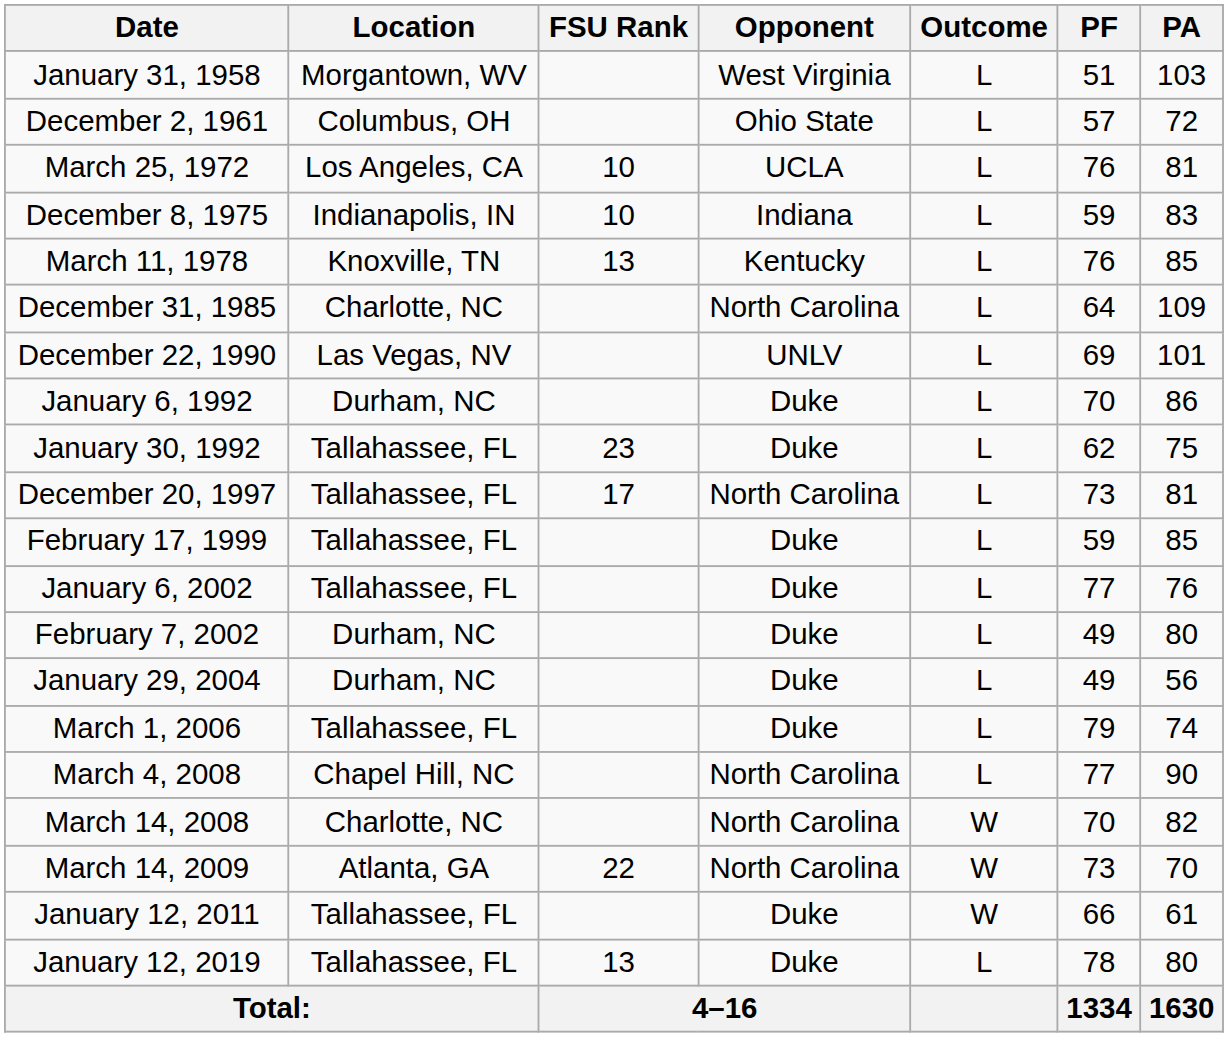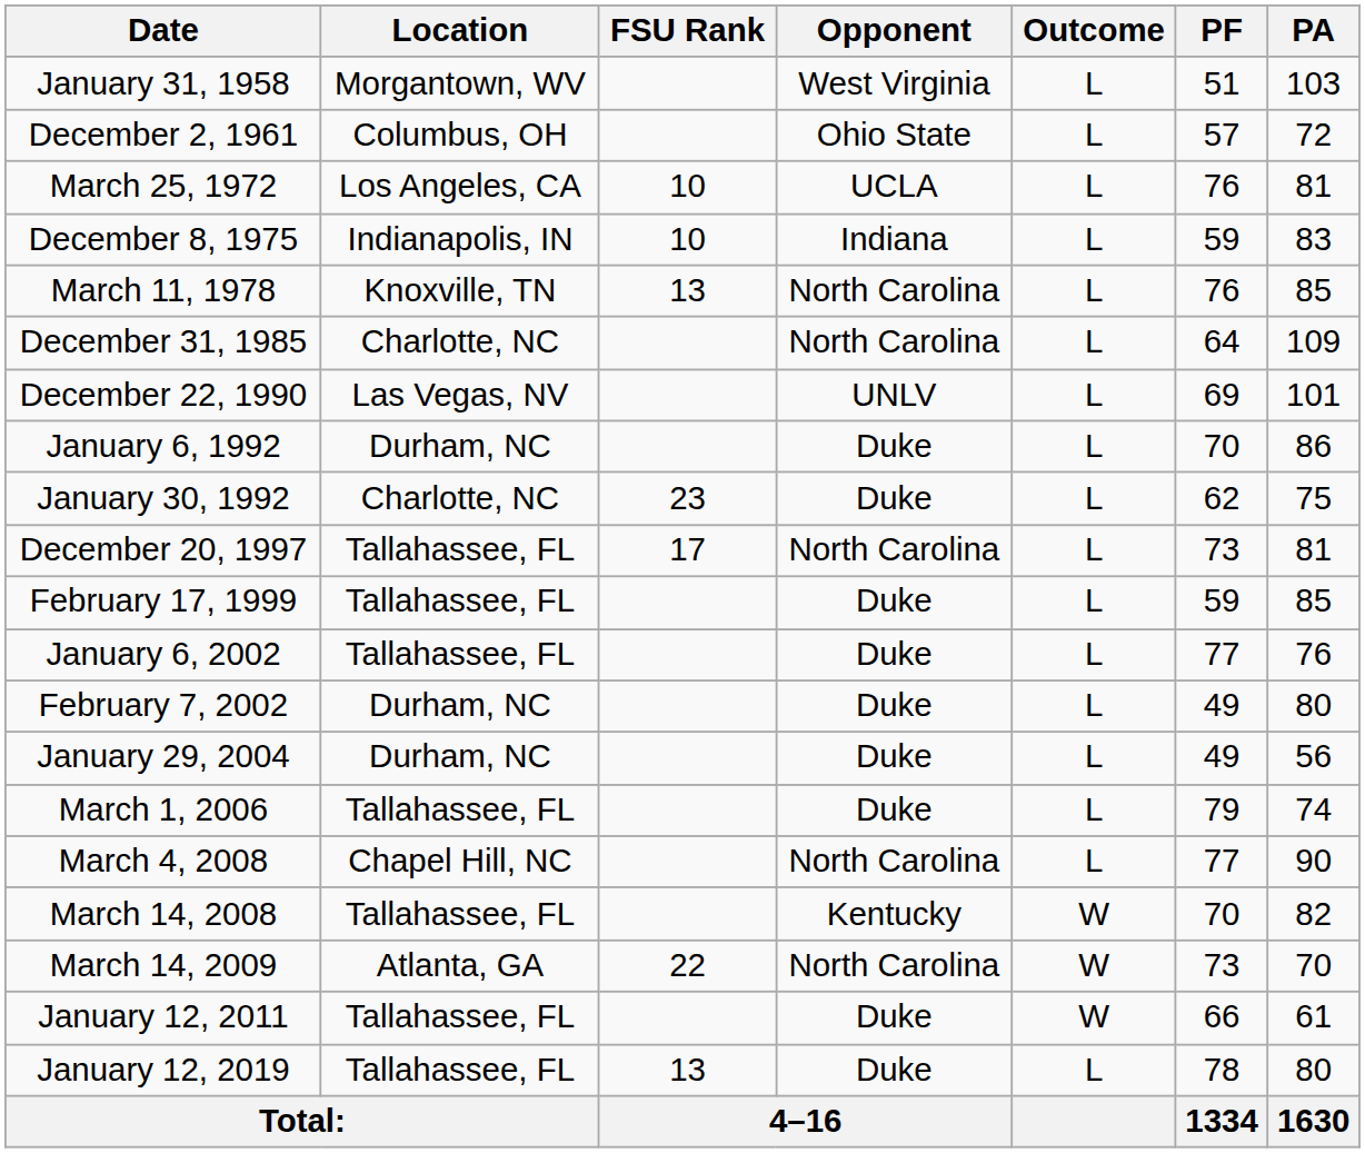 <table cellpadding="1" style="width:75%;" class="wikitable collapsible collapsed" style="text-align:center">
 <tr>
 <th>Date</th>
 <th>Location</th>
 <th>FSU Rank</th>
 <th>Opponent</th>
 <th>Outcome</th>
 <th>PF</th>
 <th>PA</th>
 </tr>
 <tr style="text-align:center;">
 <td>January 31, 1958</td>
 <td>Morgantown, WV</td>
 <td></td>
 <td>West Virginia</td>
 <td>L</td>
 <td>51</td>
 <td>103</td>
 </tr>
 <tr style="text-align:center;">
 <td>December 2, 1961</td>
 <td>Columbus, OH</td>
 <td></td>
 <td>Ohio State</td>
 <td>L</td>
 <td>57</td>
 <td>72</td>
 </tr>
 <tr style="text-align:center;">
 <td>March 25, 1972</td>
 <td>Los Angeles, CA</td>
 <td>10</td>
 <td>UCLA</td>
 <td>L</td>
 <td>76</td>
 <td>81</td>
 </tr>
 <tr style="text-align:center;">
 <td>December 8, 1975</td>
 <td>Indianapolis, IN</td>
 <td>10</td>
 <td>Indiana</td>
 <td>L</td>
 <td>59</td>
 <td>83</td>
 </tr>
 <tr style="text-align:center;">
 <td>March 11, 1978</td>
 <td>Knoxville, TN</td>
 <td>13</td>
-<td>Kentucky</td>
+<td>North Carolina</td>
 <td>L</td>
 <td>76</td>
 <td>85</td>
 </tr>
 <tr style="text-align:center;">
 <td>December 31, 1985</td>
 <td>Charlotte, NC</td>
 <td></td>
 <td>North Carolina</td>
 <td>L</td>
 <td>64</td>
 <td>109</td>
 </tr>
 <tr style="text-align:center;">
 <td>December 22, 1990</td>
 <td>Las Vegas, NV</td>
 <td></td>
 <td>UNLV</td>
 <td>L</td>
 <td>69</td>
 <td>101</td>
 </tr>
 <tr style="text-align:center;">
 <td>January 6, 1992</td>
 <td>Durham, NC</td>
 <td></td>
 <td>Duke</td>
 <td>L</td>
 <td>70</td>
 <td>86</td>
 </tr>
 <tr style="text-align:center;">
 <td>January 30, 1992</td>
-<td>Tallahassee, FL</td>
+<td>Charlotte, NC</td>
 <td>23</td>
 <td>Duke</td>
 <td>L</td>
 <td>62</td>
 <td>75</td>
 </tr>
 <tr style="text-align:center;">
 <td>December 20, 1997</td>
 <td>Tallahassee, FL</td>
 <td>17</td>
 <td>North Carolina</td>
 <td>L</td>
 <td>73</td>
 <td>81</td>
 </tr>
 <tr style="text-align:center;">
 <td>February 17, 1999</td>
 <td>Tallahassee, FL</td>
 <td></td>
 <td>Duke</td>
 <td>L</td>
 <td>59</td>
 <td>85</td>
 </tr>
 <tr style="text-align:center;">
 <td>January 6, 2002</td>
 <td>Tallahassee, FL</td>
 <td></td>
 <td>Duke</td>
 <td>L</td>
 <td>77</td>
 <td>76</td>
 </tr>
 <tr style="text-align:center;">
 <td>February 7, 2002</td>
 <td>Durham, NC</td>
 <td></td>
 <td>Duke</td>
 <td>L</td>
 <td>49</td>
 <td>80</td>
 </tr>
 <tr style="text-align:center;">
 <td>January 29, 2004</td>
 <td>Durham, NC</td>
 <td></td>
 <td>Duke</td>
 <td>L</td>
 <td>49</td>
 <td>56</td>
 </tr>
 <tr style="text-align:center;">
 <td>March 1, 2006</td>
 <td>Tallahassee, FL</td>
 <td></td>
 <td>Duke</td>
 <td>L</td>
 <td>79</td>
 <td>74</td>
 </tr>
 <tr style="text-align:center;">
 <td>March 4, 2008</td>
 <td>Chapel Hill, NC</td>
 <td></td>
 <td>North Carolina</td>
 <td>L</td>
 <td>77</td>
 <td>90</td>
 </tr>
 <tr style="text-align:center;">
 <td>March 14, 2008</td>
-<td>Charlotte, NC</td>
+<td>Tallahassee, FL</td>
 <td></td>
-<td>North Carolina</td>
+<td>Kentucky</td>
 <td>W</td>
 <td>70</td>
 <td>82</td>
 </tr>
 <tr style="text-align:center;">
 <td>March 14, 2009</td>
 <td>Atlanta, GA</td>
 <td>22</td>
 <td>North Carolina</td>
 <td>W</td>
 <td>73</td>
 <td>70</td>
 </tr>
 <tr style="text-align:center;">
 <td>January 12, 2011</td>
 <td>Tallahassee, FL</td>
 <td></td>
 <td>Duke</td>
 <td>W</td>
 <td>66</td>
 <td>61</td>
 </tr>
 <tr style="text-align:center;">
 <td>January 12, 2019</td>
 <td>Tallahassee, FL</td>
 <td>13</td>
 <td>Duke</td>
 <td>L</td>
 <td>78</td>
 <td>80</td>
 </tr>
 <tr style="text-align:center;" class="sortbottom">
 <th colspan="2;">Total:</th>
 <th colspan="2;">4–16</th>
 <th colspan="1;"></th>
 <th colspan="1;">1334</th>
 <th colspan="1;">1630</th>
 </tr>
 </table>
